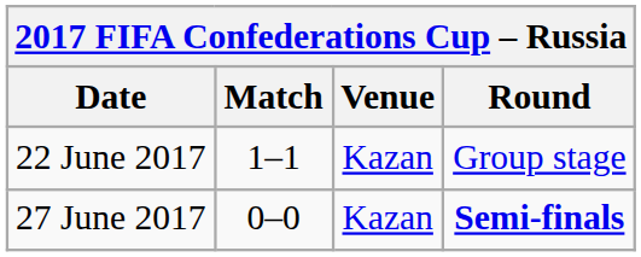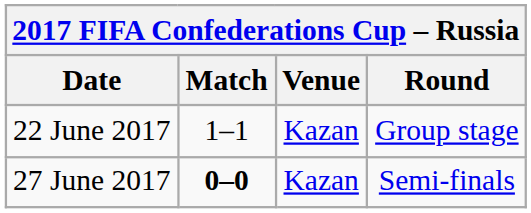 <table class="wikitable" style="margin:1em auto 1em auto; text-align:center; font-size:small;">
 <tr>
 <th colspan="4"><a href='#'>2017 FIFA Confederations Cup</a> – Russia</th>
 </tr>
 <tr>
 <th>Date</th>
 <th>Match</th>
 <th>Venue</th>
 <th>Round</th>
 </tr>
 <tr>
 <td>22 June 2017</td>
 <td> 1–1 </td>
 <td><a href='#'>Kazan</a></td>
 <td><a href='#'>Group stage</a></td>
 </tr>
 <tr>
 <td>27 June 2017</td>
-<td> 0–0 <br></td>
+<td><strong> 0–0 <br></strong></td>
 <td><a href='#'>Kazan</a></td>
-<td><strong><a href='#'>Semi-finals</a></strong></td>
+<td><a href='#'>Semi-finals</a></td>
 </tr>
 </table>
